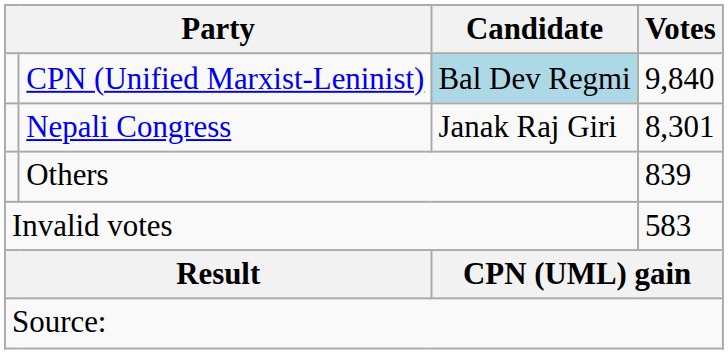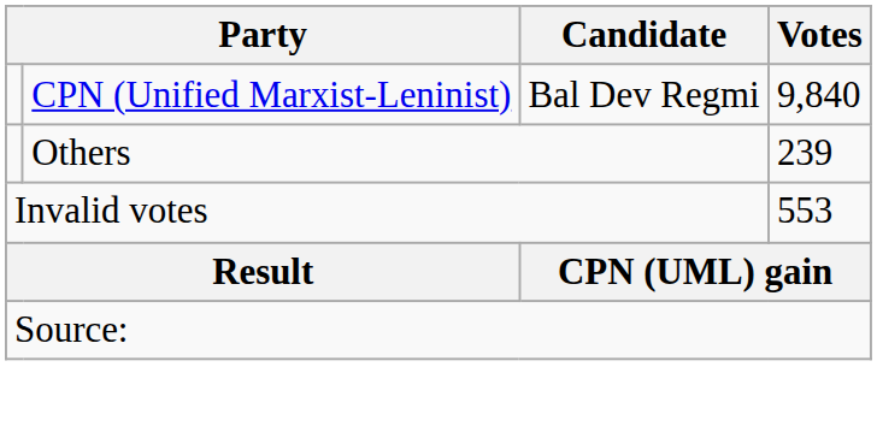 <table class="wikitable">
 <tr>
 <th colspan="2">Party</th>
 <th>Candidate</th>
 <th>Votes</th>
 </tr>
 <tr>
 <td style="background-color:"></td>
 <td><a href='#'>CPN (Unified Marxist-Leninist)</a></td>
-<td style="background: lightblue;">Bal Dev Regmi</td>
+<td>Bal Dev Regmi</td>
 <td>9,840</td>
-</tr>
-<tr>
-<td style="background-color:"></td>
-<td><a href='#'>Nepali Congress</a></td>
-<td>Janak Raj Giri</td>
-<td>8,301</td>
 </tr>
 <tr>
 <td></td>
 <td colspan="2">Others</td>
-<td>839</td>
+<td>239</td>
 </tr>
 <tr>
 <td colspan="3">Invalid votes</td>
-<td>583</td>
+<td>553</td>
 </tr>
 <tr>
 <th colspan="2">Result</th>
 <th colspan="2">CPN (UML) gain</th>
 </tr>
 <tr>
 <td colspan="4">Source: </td>
 </tr>
 </table>
